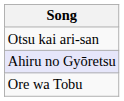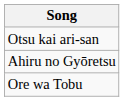 <table class="wikitable">
 <tr>
 <th>Song</th>
 </tr>
 <tr>
 <td>Otsu kai ari-san</td>
 </tr>
 <tr>
-<td style="background: lavender;">Ahiru no Gyōretsu</td>
+<td>Ahiru no Gyōretsu</td>
 </tr>
 <tr>
 <td>Ore wa Tobu</td>
 </tr>
 </table>
